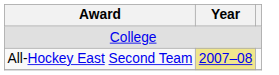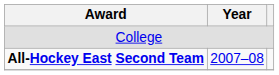 <table class="wikitable">
 <tr>
 <th>Award</th>
 <th>Year</th>
 <th></th>
 </tr>
 <tr ALIGN="center" bgcolor="#e0e0e0">
 <td colspan="3"><a href='#'>College</a></td>
 </tr>
 <tr>
-<td>All-<a href='#'>Hockey East</a> <a href='#'>Second Team</a></td>
-<td style="background: khaki;"><a href='#'>2007–08</a></td>
+<td><strong>All-<a href='#'>Hockey East</a> <a href='#'>Second Team</a></strong></td>
+<td><a href='#'>2007–08</a></td>
 <td></td>
 </tr>
 <tr>
 </tr>
 </table>
